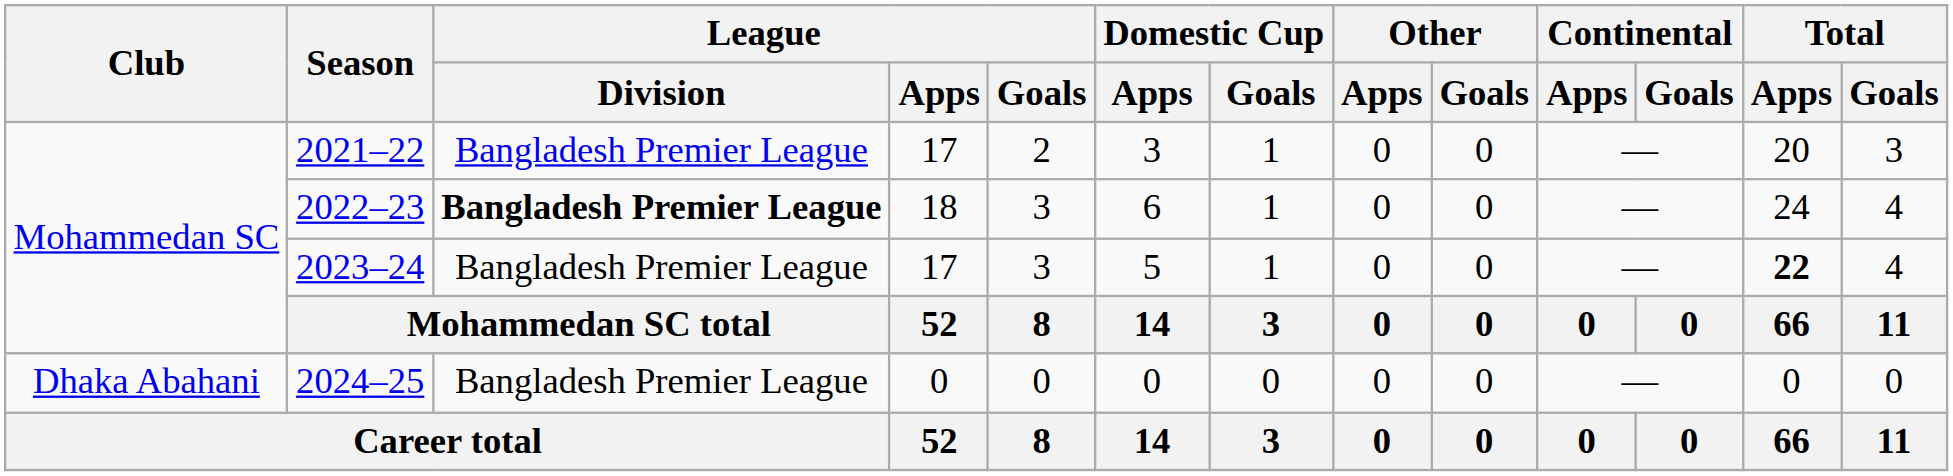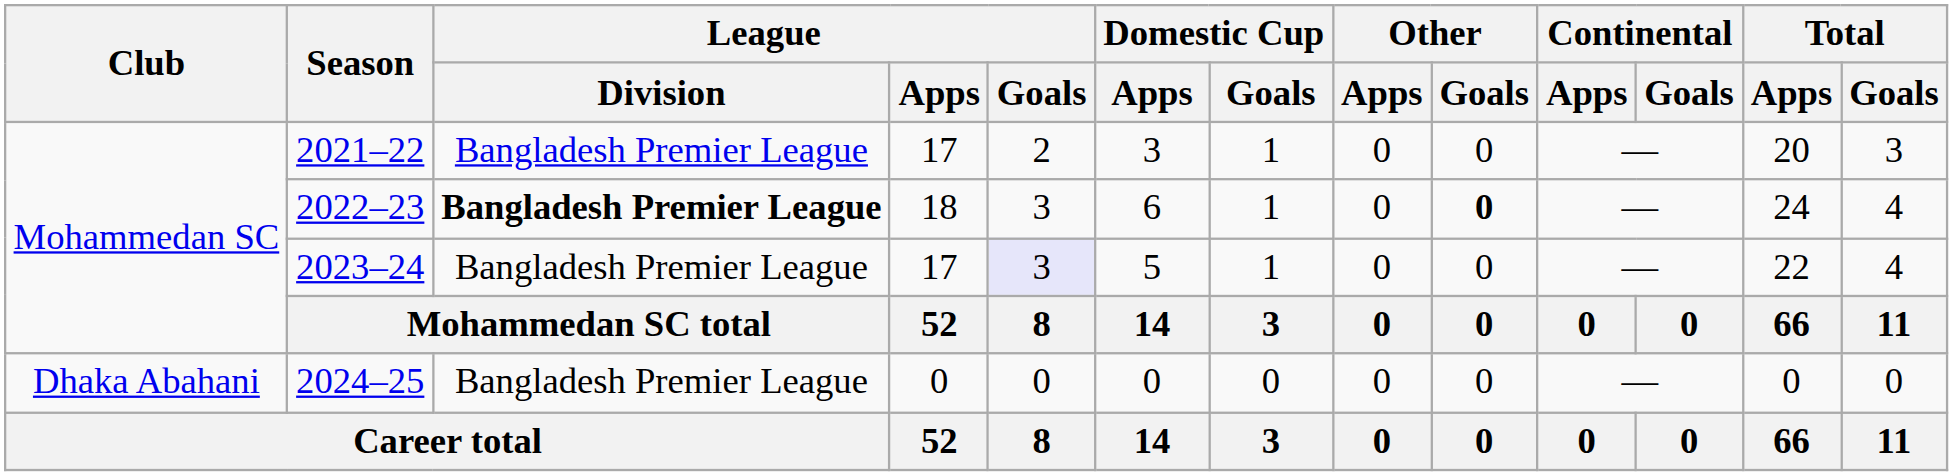 <table class="wikitable" style="text-align:center">
 <tr>
 <th rowspan="2">Club</th>
 <th rowspan="2">Season</th>
 <th colspan="3">League</th>
 <th colspan="2">Domestic Cup</th>
 <th colspan="2">Other</th>
 <th colspan="2">Continental</th>
 <th colspan="2">Total</th>
 </tr>
 <tr>
 <th>Division</th>
 <th>Apps</th>
 <th>Goals</th>
 <th>Apps</th>
 <th>Goals</th>
 <th>Apps</th>
 <th>Goals</th>
 <th>Apps</th>
 <th>Goals</th>
 <th>Apps</th>
 <th>Goals</th>
 </tr>
 <tr>
 <td rowspan=4><a href='#'>Mohammedan SC</a></td>
 <td><a href='#'>2021–22</a></td>
 <td><a href='#'>Bangladesh Premier League</a></td>
 <td>17</td>
 <td>2</td>
 <td>3</td>
 <td>1</td>
 <td>0</td>
 <td>0</td>
 <td colspan="2">—</td>
 <td>20</td>
 <td>3</td>
 </tr>
 <tr>
 <td><a href='#'>2022–23</a></td>
 <td><strong>Bangladesh Premier League</strong></td>
 <td>18</td>
 <td>3</td>
 <td>6</td>
 <td>1</td>
 <td>0</td>
-<td>0</td>
+<td><strong>0</strong></td>
 <td colspan="2">—</td>
 <td>24</td>
 <td>4</td>
 </tr>
 <tr>
 <td><a href='#'>2023–24</a></td>
 <td>Bangladesh Premier League</td>
 <td>17</td>
-<td>3</td>
+<td style="background: lavender;">3</td>
 <td>5</td>
 <td>1</td>
 <td>0</td>
 <td>0</td>
 <td colspan="2">—</td>
-<td><strong>22</strong></td>
+<td>22</td>
 <td>4</td>
 </tr>
 <tr>
 <th colspan="2">Mohammedan SC total</th>
 <th>52</th>
 <th>8</th>
 <th>14</th>
 <th>3</th>
 <th>0</th>
 <th>0</th>
 <th>0</th>
 <th>0</th>
 <th>66</th>
 <th>11</th>
 </tr>
 <tr>
 <td><a href='#'>Dhaka Abahani</a></td>
 <td><a href='#'>2024–25</a></td>
 <td>Bangladesh Premier League</td>
 <td>0</td>
 <td>0</td>
 <td>0</td>
 <td>0</td>
 <td>0</td>
 <td>0</td>
 <td colspan="2">—</td>
 <td>0</td>
 <td>0</td>
 </tr>
 <tr>
 <th colspan="3">Career total</th>
 <th>52</th>
 <th>8</th>
 <th>14</th>
 <th>3</th>
 <th>0</th>
 <th>0</th>
 <th>0</th>
 <th>0</th>
 <th>66</th>
 <th>11</th>
 </tr>
 </table>
